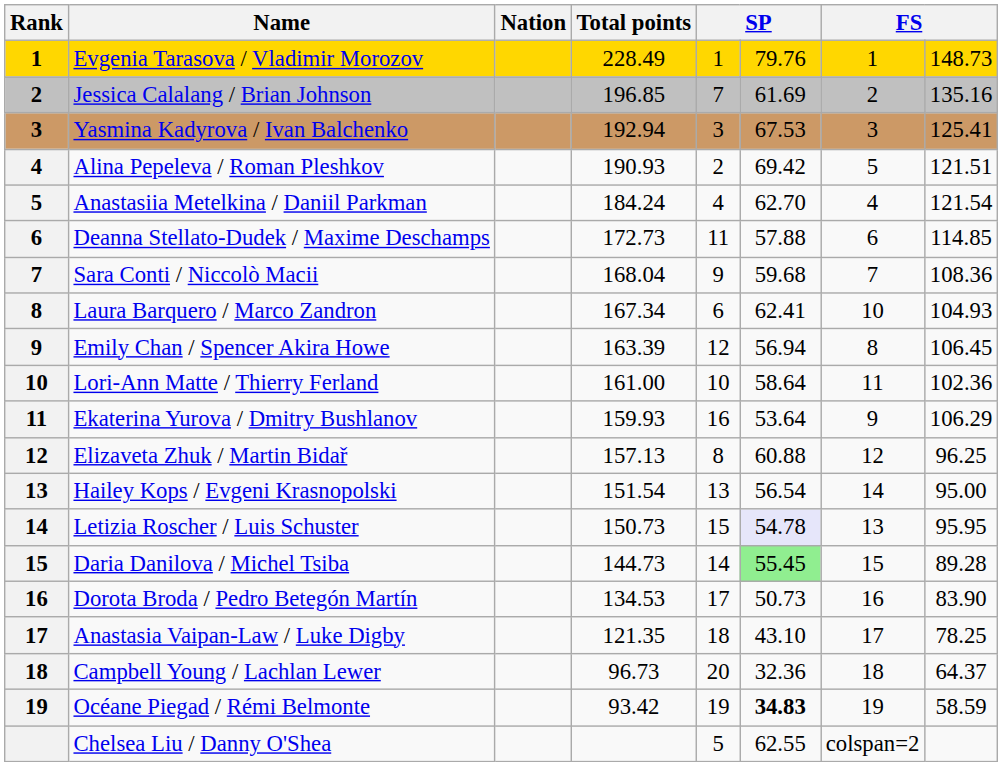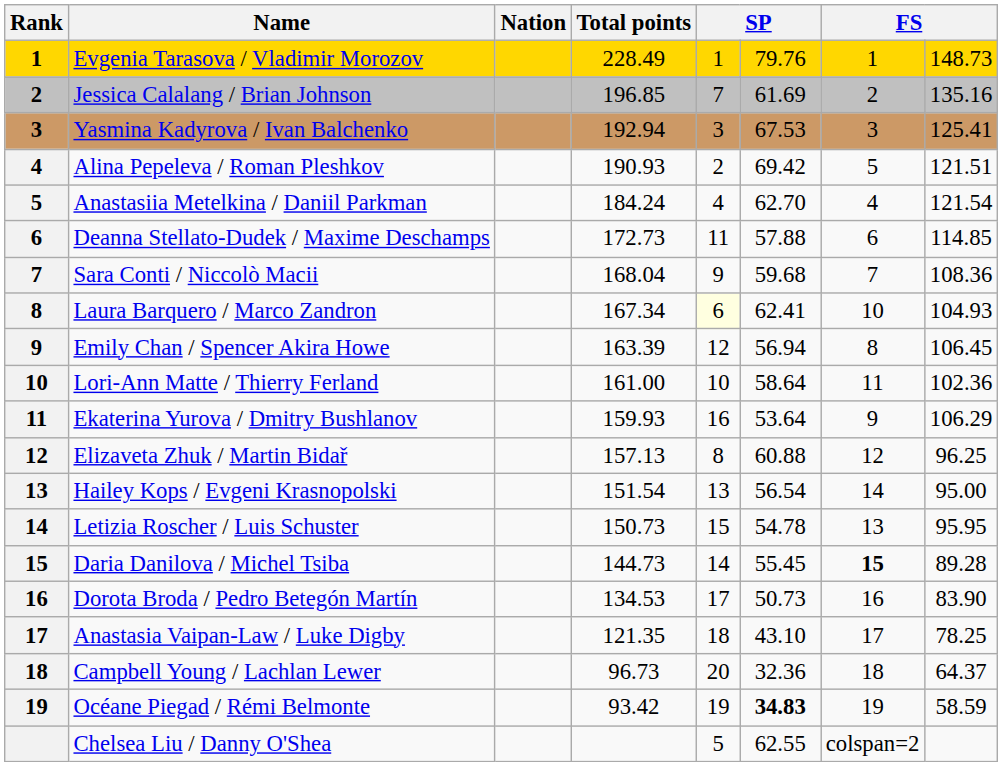 <table class="wikitable sortable">
 <tr>
 <th>Rank</th>
 <th>Name</th>
 <th>Nation</th>
 <th>Total points</th>
 <th colspan="2" width="80px"><a href='#'>SP</a></th>
 <th colspan="2" width="80px"><a href='#'>FS</a></th>
 </tr>
 <tr bgcolor="gold">
 <td align="center"><strong>1</strong></td>
 <td><a href='#'>Evgenia Tarasova</a> / <a href='#'>Vladimir Morozov</a></td>
 <td></td>
 <td align="center">228.49</td>
 <td align="center">1</td>
 <td align="center">79.76</td>
 <td align="center">1</td>
 <td align="center">148.73</td>
 </tr>
 <tr bgcolor="silver">
 <td align="center"><strong>2</strong></td>
 <td><a href='#'>Jessica Calalang</a> / <a href='#'>Brian Johnson</a></td>
 <td></td>
 <td align="center">196.85</td>
 <td align="center">7</td>
 <td align="center">61.69</td>
 <td align="center">2</td>
 <td align="center">135.16</td>
 </tr>
 <tr bgcolor="cc9966">
 <td align="center"><strong>3</strong></td>
 <td><a href='#'>Yasmina Kadyrova</a> / <a href='#'>Ivan Balchenko</a></td>
 <td></td>
 <td align="center">192.94</td>
 <td align="center">3</td>
 <td align="center">67.53</td>
 <td align="center">3</td>
 <td align="center">125.41</td>
 </tr>
 <tr>
 <th>4</th>
 <td><a href='#'>Alina Pepeleva</a> / <a href='#'>Roman Pleshkov</a></td>
 <td></td>
 <td align="center">190.93</td>
 <td align="center">2</td>
 <td align="center">69.42</td>
 <td align="center">5</td>
 <td align="center">121.51</td>
 </tr>
 <tr>
 <th>5</th>
 <td><a href='#'>Anastasiia Metelkina</a> / <a href='#'>Daniil Parkman</a></td>
 <td></td>
 <td align="center">184.24</td>
 <td align="center">4</td>
 <td align="center">62.70</td>
 <td align="center">4</td>
 <td align="center">121.54</td>
 </tr>
 <tr>
 <th>6</th>
 <td><a href='#'>Deanna Stellato-Dudek</a> / <a href='#'>Maxime Deschamps</a></td>
 <td></td>
 <td align="center">172.73</td>
 <td align="center">11</td>
 <td align="center">57.88</td>
 <td align="center">6</td>
 <td align="center">114.85</td>
 </tr>
 <tr>
 <th>7</th>
 <td><a href='#'>Sara Conti</a> / <a href='#'>Niccolò Macii</a></td>
 <td></td>
 <td align="center">168.04</td>
 <td align="center">9</td>
 <td align="center">59.68</td>
 <td align="center">7</td>
 <td align="center">108.36</td>
 </tr>
 <tr>
 <th>8</th>
 <td><a href='#'>Laura Barquero</a> / <a href='#'>Marco Zandron</a></td>
 <td></td>
 <td align="center">167.34</td>
-<td align="center">6</td>
+<td align="center" style="background: lightyellow;">6</td>
 <td align="center">62.41</td>
 <td align="center">10</td>
 <td align="center">104.93</td>
 </tr>
 <tr>
 <th>9</th>
 <td><a href='#'>Emily Chan</a> / <a href='#'>Spencer Akira Howe</a></td>
 <td></td>
 <td align="center">163.39</td>
 <td align="center">12</td>
 <td align="center">56.94</td>
 <td align="center">8</td>
 <td align="center">106.45</td>
 </tr>
 <tr>
 <th>10</th>
 <td><a href='#'>Lori-Ann Matte</a> / <a href='#'>Thierry Ferland</a></td>
 <td></td>
 <td align="center">161.00</td>
 <td align="center">10</td>
 <td align="center">58.64</td>
 <td align="center">11</td>
 <td align="center">102.36</td>
 </tr>
 <tr>
 <th>11</th>
 <td><a href='#'>Ekaterina Yurova</a> / <a href='#'>Dmitry Bushlanov</a></td>
 <td></td>
 <td align="center">159.93</td>
 <td align="center">16</td>
 <td align="center">53.64</td>
 <td align="center">9</td>
 <td align="center">106.29</td>
 </tr>
 <tr>
 <th>12</th>
 <td><a href='#'>Elizaveta Zhuk</a> / <a href='#'>Martin Bidař</a></td>
 <td></td>
 <td align="center">157.13</td>
 <td align="center">8</td>
 <td align="center">60.88</td>
 <td align="center">12</td>
 <td align="center">96.25</td>
 </tr>
 <tr>
 <th>13</th>
 <td><a href='#'>Hailey Kops</a> / <a href='#'>Evgeni Krasnopolski</a></td>
 <td></td>
 <td align="center">151.54</td>
 <td align="center">13</td>
 <td align="center">56.54</td>
 <td align="center">14</td>
 <td align="center">95.00</td>
 </tr>
 <tr>
 <th>14</th>
 <td><a href='#'>Letizia Roscher</a> / <a href='#'>Luis Schuster</a></td>
 <td></td>
 <td align="center">150.73</td>
 <td align="center">15</td>
-<td align="center" style="background: lavender;">54.78</td>
+<td align="center">54.78</td>
 <td align="center">13</td>
 <td align="center">95.95</td>
 </tr>
 <tr>
 <th>15</th>
 <td><a href='#'>Daria Danilova</a> / <a href='#'>Michel Tsiba</a></td>
 <td></td>
 <td align="center">144.73</td>
 <td align="center">14</td>
-<td align="center" style="background: lightgreen;">55.45</td>
-<td align="center">15</td>
+<td align="center">55.45</td>
+<td align="center"><strong>15</strong></td>
 <td align="center">89.28</td>
 </tr>
 <tr>
 <th>16</th>
 <td><a href='#'>Dorota Broda</a> / <a href='#'>Pedro Betegón Martín</a></td>
 <td></td>
 <td align="center">134.53</td>
 <td align="center">17</td>
 <td align="center">50.73</td>
 <td align="center">16</td>
 <td align="center">83.90</td>
 </tr>
 <tr>
 <th>17</th>
 <td><a href='#'>Anastasia Vaipan-Law</a> / <a href='#'>Luke Digby</a></td>
 <td></td>
 <td align="center">121.35</td>
 <td align="center">18</td>
 <td align="center">43.10</td>
 <td align="center">17</td>
 <td align="center">78.25</td>
 </tr>
 <tr>
 <th>18</th>
 <td><a href='#'>Campbell Young</a> / <a href='#'>Lachlan Lewer</a></td>
 <td></td>
 <td align="center">96.73</td>
 <td align="center">20</td>
 <td align="center">32.36</td>
 <td align="center">18</td>
 <td align="center">64.37</td>
 </tr>
 <tr>
 <th>19</th>
 <td><a href='#'>Océane Piegad</a> / <a href='#'>Rémi Belmonte</a></td>
 <td></td>
 <td align="center">93.42</td>
 <td align="center">19</td>
 <td align="center"><strong>34.83</strong></td>
 <td align="center">19</td>
 <td align="center">58.59</td>
 </tr>
 <tr>
 <th></th>
 <td><a href='#'>Chelsea Liu</a> / <a href='#'>Danny O'Shea</a></td>
 <td></td>
 <td></td>
 <td align="center">5</td>
 <td align="center">62.55</td>
 <td>colspan=2 </td>
 </tr>
 </table>
